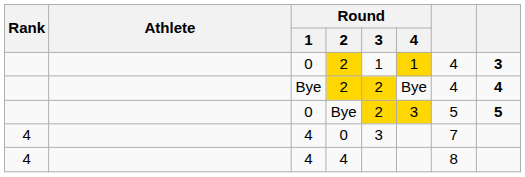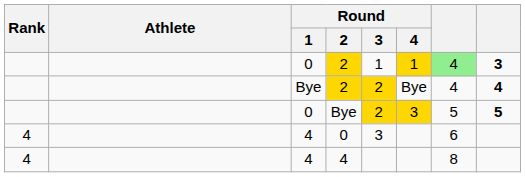 <table class="wikitable" style="text-align: center;">
 <tr>
 <th rowspan="2" width=40>Rank</th>
 <th rowspan="2" width=250>Athlete</th>
 <th colspan="4">Round</th>
 <th rowspan="2" width=40></th>
 <th rowspan="2" width=40></th>
 </tr>
 <tr>
 <th width=30>1</th>
 <th width=30>2</th>
 <th width=30>3</th>
 <th width=30>4</th>
 </tr>
 <tr>
 <td></td>
 <td align="left"></td>
 <td>0</td>
 <td bgcolor=gold>2</td>
 <td>1</td>
 <td bgcolor=gold>1</td>
-<td>4</td>
+<td style="background: lightgreen;">4</td>
 <td><strong>3</strong></td>
 </tr>
 <tr>
 <td></td>
 <td align="left"></td>
 <td>Bye</td>
 <td bgcolor=gold>2</td>
 <td bgcolor=gold>2</td>
 <td>Bye</td>
 <td>4</td>
 <td><strong>4</strong></td>
 </tr>
 <tr>
 <td></td>
 <td align="left"></td>
 <td>0</td>
 <td>Bye</td>
 <td bgcolor=gold>2</td>
 <td bgcolor=gold>3</td>
 <td>5</td>
 <td><strong>5</strong></td>
 </tr>
 <tr>
 <td>4</td>
 <td align="left"></td>
 <td>4</td>
 <td>0</td>
 <td>3</td>
 <td></td>
-<td>7</td>
+<td>6</td>
 <td></td>
 </tr>
 <tr>
 <td>4</td>
 <td align="left"></td>
 <td>4</td>
 <td>4</td>
 <td></td>
 <td></td>
 <td>8</td>
 <td></td>
 </tr>
 </table>
